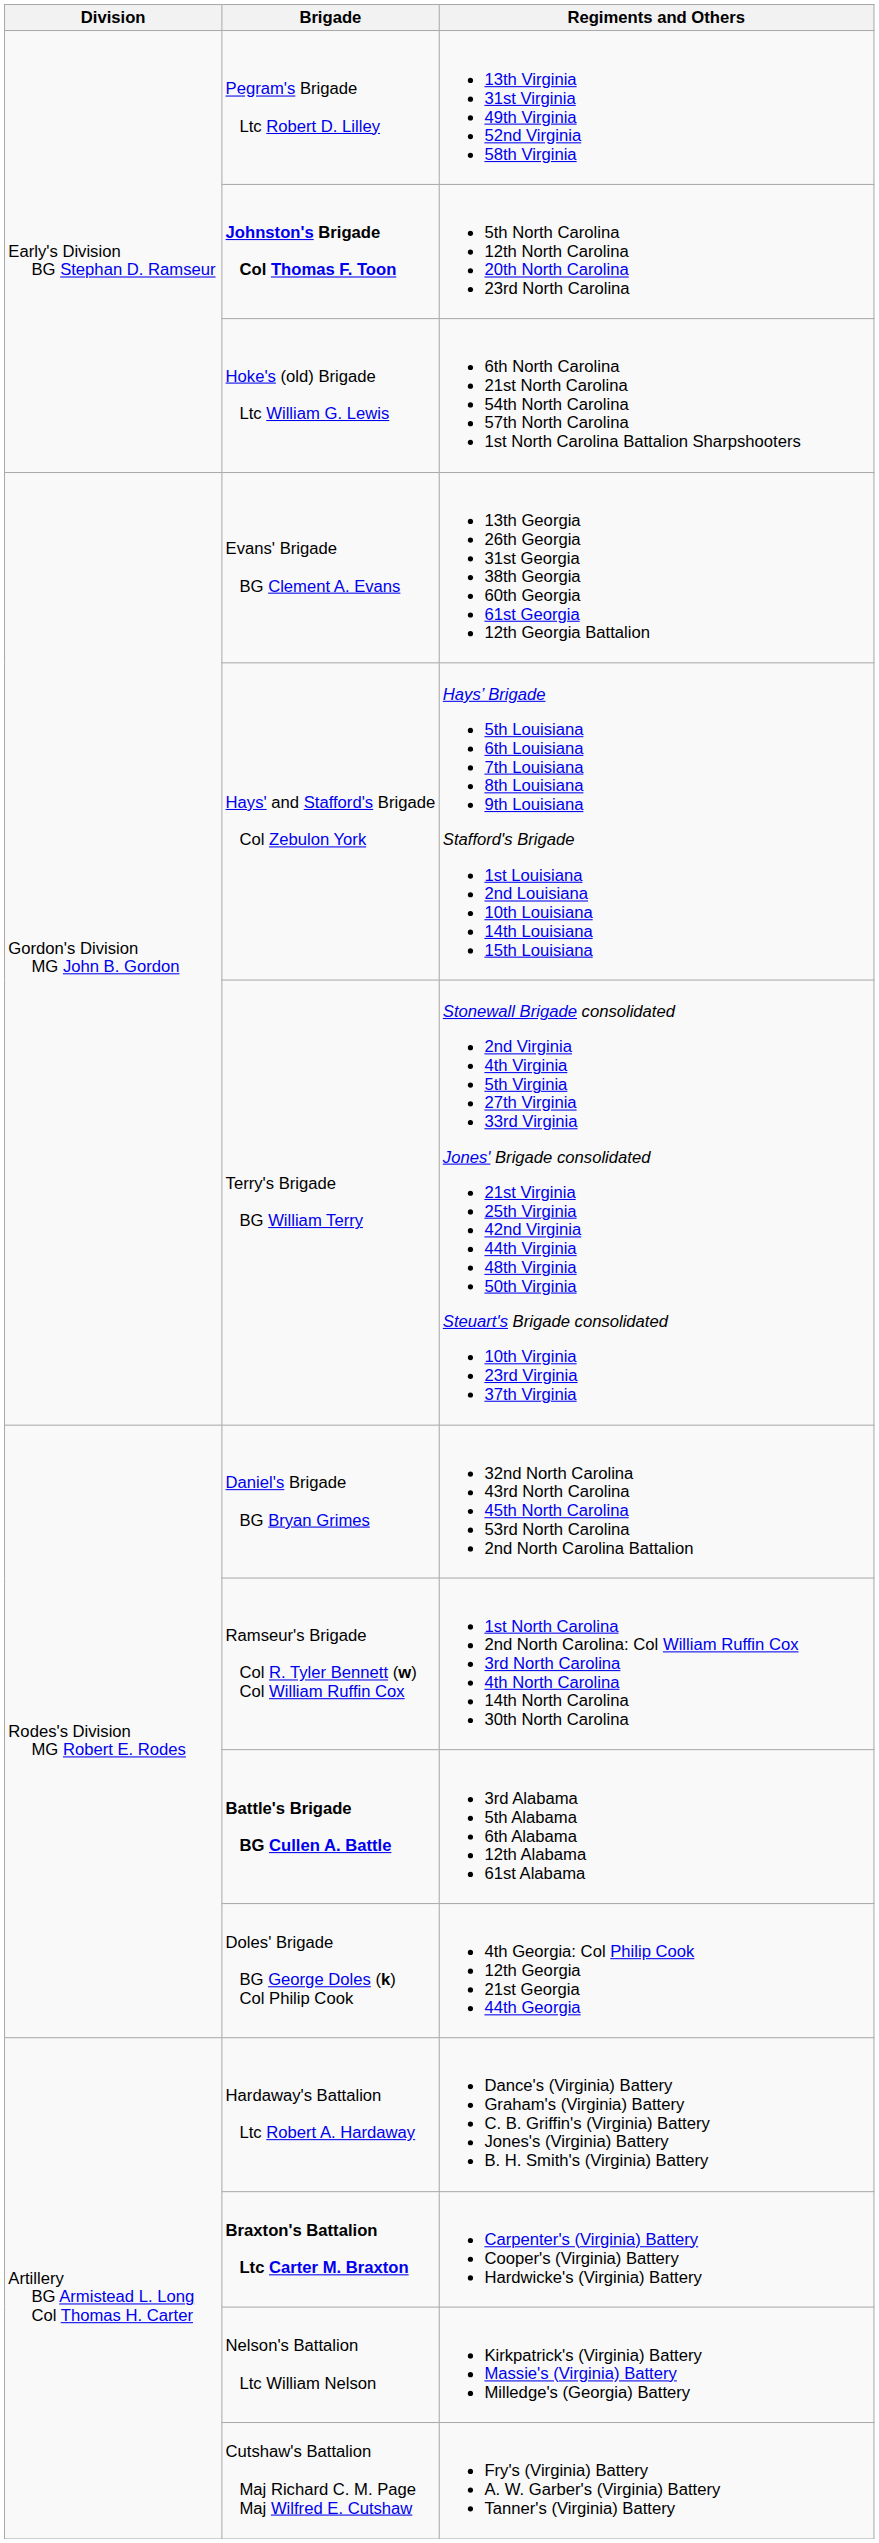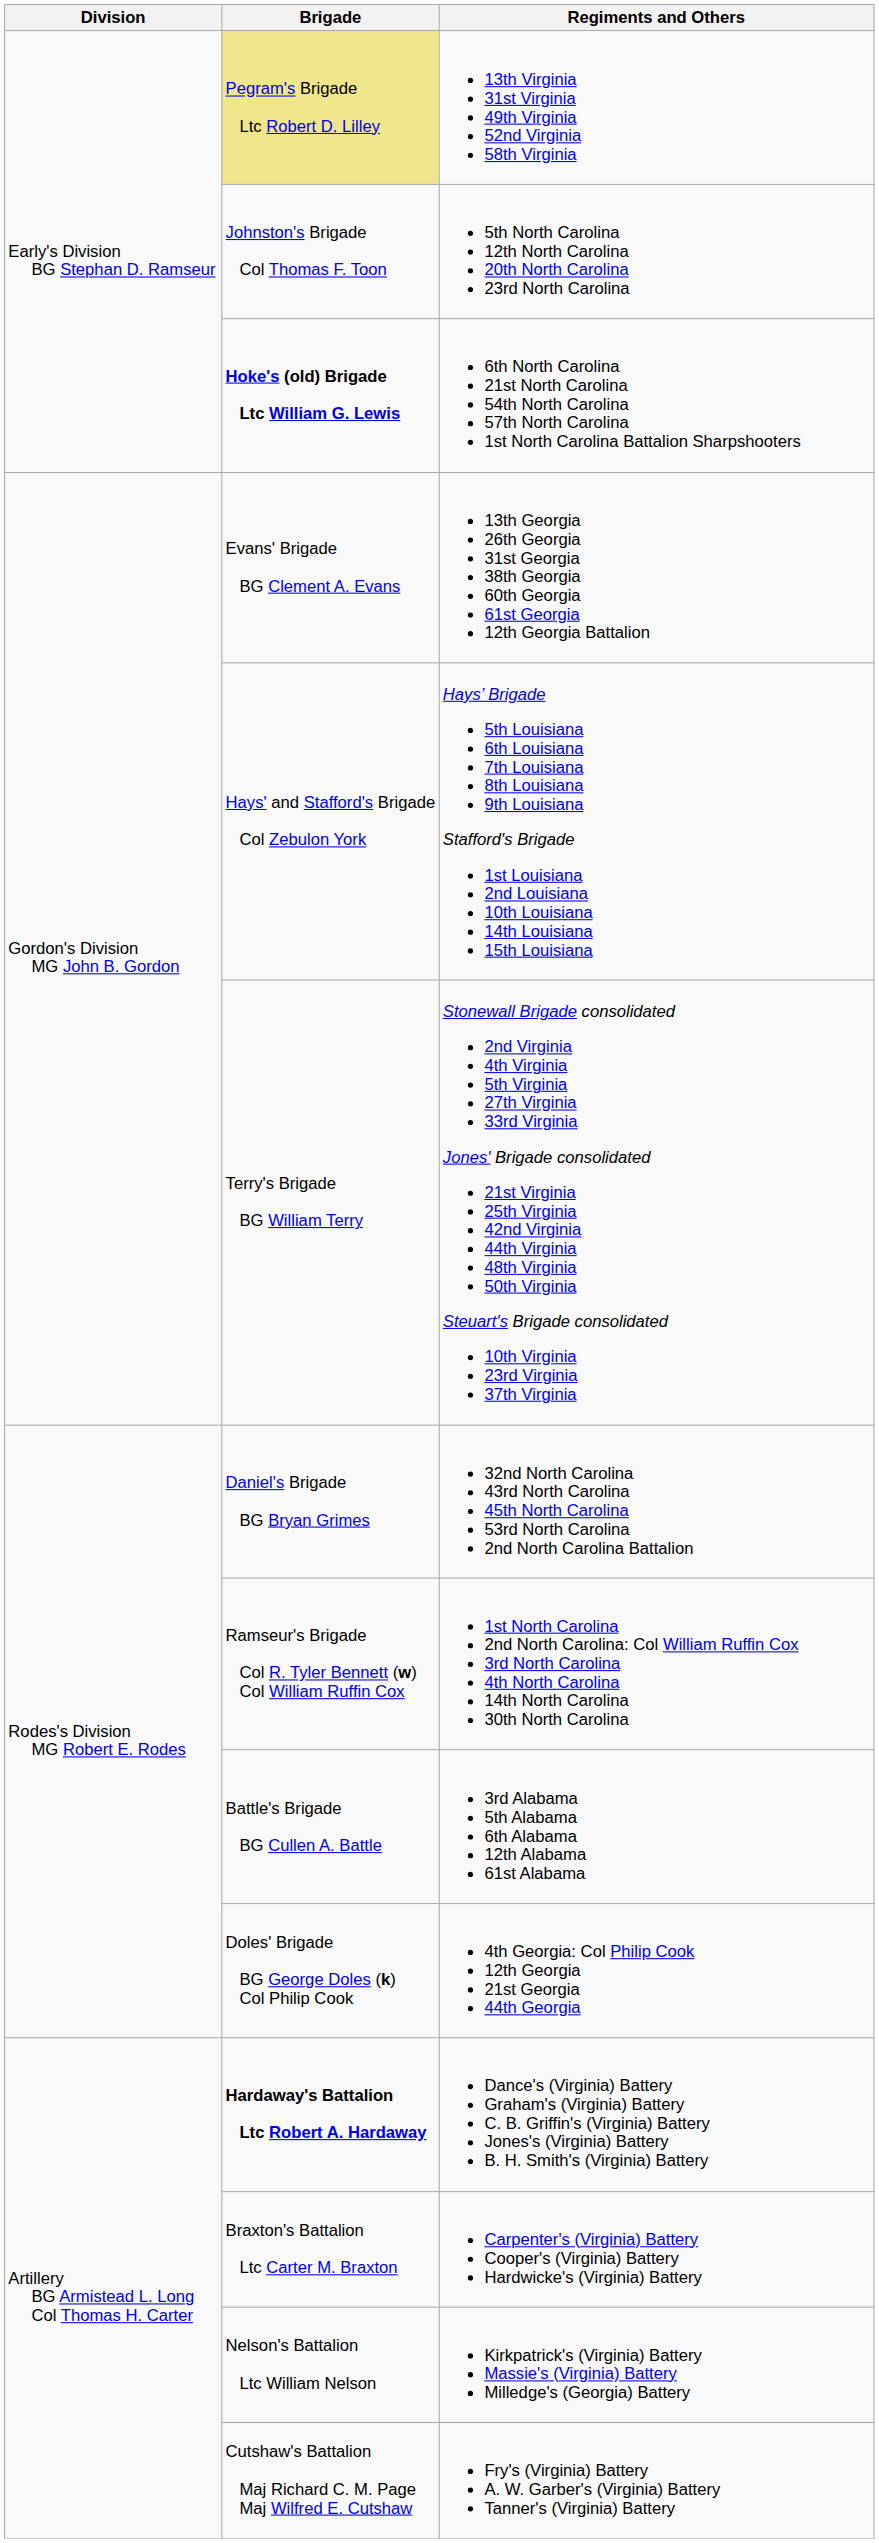 <table class="wikitable">
 <tr>
 <th width=25%>Division</th>
 <th width=25%>Brigade</th>
 <th>Regiments and Others</th>
 </tr>
 <tr>
 <td rowspan=3><br>Early's Division <br>     BG <a href='#'>Stephan D. Ramseur</a></td>
-<td><a href='#'>Pegram's</a> Brigade<br><br>   Ltc <a href='#'>Robert D. Lilley</a></td>
+<td style="background: khaki;"><a href='#'>Pegram's</a> Brigade<br><br>   Ltc <a href='#'>Robert D. Lilley</a></td>
 <td><br><ul><li><a href='#'>13th Virginia</a></li><li><a href='#'>31st Virginia</a></li><li><a href='#'>49th Virginia</a></li><li><a href='#'>52nd Virginia</a></li><li><a href='#'>58th Virginia</a></li></ul></td>
 </tr>
 <tr>
-<td><strong><a href='#'>Johnston's</a> Brigade<br><br>   Col <a href='#'>Thomas F. Toon</a></strong></td>
+<td><a href='#'>Johnston's</a> Brigade<br><br>   Col <a href='#'>Thomas F. Toon</a></td>
 <td><br><ul><li>5th North Carolina</li><li>12th North Carolina</li><li><a href='#'>20th North Carolina</a></li><li>23rd North Carolina</li></ul></td>
 </tr>
 <tr>
-<td><a href='#'>Hoke's</a> (old) Brigade<br><br>   Ltc <a href='#'>William G. Lewis</a></td>
+<td><strong><a href='#'>Hoke's</a> (old) Brigade<br><br>   Ltc <a href='#'>William G. Lewis</a></strong></td>
 <td><br><ul><li>6th North Carolina</li><li>21st North Carolina</li><li>54th North Carolina</li><li>57th North Carolina</li><li>1st North Carolina Battalion Sharpshooters</li></ul></td>
 </tr>
 <tr>
 <td rowspan=3><br>Gordon's Division <br>     MG <a href='#'>John B. Gordon</a></td>
 <td>Evans' Brigade<br><br>   BG <a href='#'>Clement A. Evans</a></td>
 <td><br><ul><li>13th Georgia</li><li>26th Georgia</li><li>31st Georgia</li><li>38th Georgia</li><li>60th Georgia</li><li><a href='#'>61st Georgia</a></li><li>12th Georgia Battalion</li></ul></td>
 </tr>
 <tr>
 <td><a href='#'>Hays'</a> and <a href='#'>Stafford's</a> Brigade<br><br>   Col <a href='#'>Zebulon York</a></td>
 <td><br><em><a href='#'>Hays’ Brigade</a></em><ul><li><a href='#'>5th Louisiana</a></li><li><a href='#'>6th Louisiana</a></li><li><a href='#'>7th Louisiana</a></li><li><a href='#'>8th Louisiana</a></li><li><a href='#'>9th Louisiana</a></li></ul><em>Stafford's Brigade</em><ul><li><a href='#'>1st Louisiana</a></li><li><a href='#'>2nd Louisiana</a></li><li><a href='#'>10th Louisiana</a></li><li><a href='#'>14th Louisiana</a></li><li><a href='#'>15th Louisiana</a></li></ul></td>
 </tr>
 <tr>
 <td>Terry's Brigade<br><br>   BG <a href='#'>William Terry</a></td>
 <td><br><em><a href='#'>Stonewall Brigade</a> consolidated</em><ul><li><a href='#'>2nd Virginia</a></li><li><a href='#'>4th Virginia</a></li><li><a href='#'>5th Virginia</a></li><li><a href='#'>27th Virginia</a></li><li><a href='#'>33rd Virginia</a></li></ul><em><a href='#'>Jones'</a> Brigade consolidated</em><ul><li><a href='#'>21st Virginia</a></li><li><a href='#'>25th Virginia</a></li><li><a href='#'>42nd Virginia</a></li><li><a href='#'>44th Virginia</a></li><li><a href='#'>48th Virginia</a></li><li><a href='#'>50th Virginia</a></li></ul><em><a href='#'>Steuart's</a> Brigade consolidated</em><ul><li><a href='#'>10th Virginia</a></li><li><a href='#'>23rd Virginia</a></li><li><a href='#'>37th Virginia</a></li></ul></td>
 </tr>
 <tr>
 <td rowspan=4><br>Rodes's Division <br>     MG <a href='#'>Robert E. Rodes</a></td>
 <td><a href='#'>Daniel's</a> Brigade<br><br>   BG <a href='#'>Bryan Grimes</a></td>
 <td><br><ul><li>32nd North Carolina</li><li>43rd North Carolina</li><li><a href='#'>45th North Carolina</a></li><li>53rd North Carolina</li><li>2nd North Carolina Battalion</li></ul></td>
 </tr>
 <tr>
 <td>Ramseur's Brigade<br><br>   Col <a href='#'>R. Tyler Bennett</a> (<strong>w</strong>) <br>   Col <a href='#'>William Ruffin Cox</a></td>
 <td><br><ul><li><a href='#'>1st North Carolina</a></li><li>2nd North Carolina: Col <a href='#'>William Ruffin Cox</a></li><li><a href='#'>3rd North Carolina</a></li><li><a href='#'>4th North Carolina</a></li><li>14th North Carolina</li><li>30th North Carolina</li></ul></td>
 </tr>
 <tr>
-<td><strong>Battle's Brigade<br><br>   BG <a href='#'>Cullen A. Battle</a></strong></td>
+<td>Battle's Brigade<br><br>   BG <a href='#'>Cullen A. Battle</a></td>
 <td><br><ul><li>3rd Alabama</li><li>5th Alabama</li><li>6th Alabama</li><li>12th Alabama</li><li>61st Alabama</li></ul></td>
 </tr>
 <tr>
 <td>Doles' Brigade<br><br>   BG <a href='#'>George Doles</a> (<strong>k</strong>) <br>   Col Philip Cook</td>
 <td><br><ul><li>4th Georgia: Col <a href='#'>Philip Cook</a></li><li>12th Georgia</li><li>21st Georgia</li><li><a href='#'>44th Georgia</a></li></ul></td>
 </tr>
 <tr>
 <td rowspan=4><br>Artillery <br>     BG <a href='#'>Armistead L. Long</a> <br>     Col <a href='#'>Thomas H. Carter</a></td>
-<td>Hardaway's Battalion<br><br>   Ltc <a href='#'>Robert A. Hardaway</a></td>
+<td><strong>Hardaway's Battalion<br><br>   Ltc <a href='#'>Robert A. Hardaway</a></strong></td>
 <td><br><ul><li>Dance's (Virginia) Battery</li><li>Graham's (Virginia) Battery</li><li>C. B. Griffin's (Virginia) Battery</li><li>Jones's (Virginia) Battery</li><li>B. H. Smith's (Virginia) Battery</li></ul></td>
 </tr>
 <tr>
-<td><strong>Braxton's Battalion<br><br>   Ltc <a href='#'>Carter M. Braxton</a></strong></td>
+<td>Braxton's Battalion<br><br>   Ltc <a href='#'>Carter M. Braxton</a></td>
 <td><br><ul><li><a href='#'>Carpenter's (Virginia) Battery</a></li><li>Cooper's (Virginia) Battery</li><li>Hardwicke's (Virginia) Battery</li></ul></td>
 </tr>
 <tr>
 <td>Nelson's Battalion<br><br>   Ltc William Nelson</td>
 <td><br><ul><li>Kirkpatrick's (Virginia) Battery</li><li><a href='#'>Massie's (Virginia) Battery</a></li><li>Milledge's (Georgia) Battery</li></ul></td>
 </tr>
 <tr>
 <td>Cutshaw's Battalion<br><br>   Maj Richard C. M. Page <br>   Maj <a href='#'>Wilfred E. Cutshaw</a></td>
 <td><br><ul><li>Fry's (Virginia) Battery</li><li>A. W. Garber's (Virginia) Battery</li><li>Tanner's (Virginia) Battery</li></ul></td>
 </tr>
 </table>
